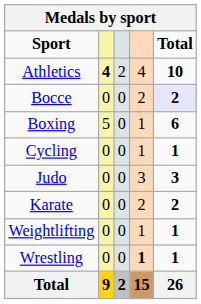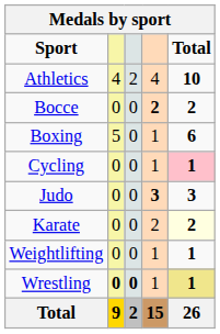 <table class="wikitable" style="font-size:85%; text-align:center;">
 <tr style="background:#efefef;">
 <th colspan=5><strong>Medals by sport</strong></th>
 </tr>
 <tr>
 <td><strong>Sport</strong></td>
 <td style="background:#f7f6a8;"></td>
 <td style="background:#dce5e5;"></td>
 <td style="background:#ffdab9;"></td>
 <td><strong>Total</strong></td>
 </tr>
 <tr>
 <td><a href='#'>Athletics</a></td>
-<td style="background:#F7F6A8;"><strong>4</strong></td>
+<td style="background:#F7F6A8;">4</td>
 <td style="background:#DCE5E5;">2</td>
 <td style="background:#FFDAB9;">4</td>
 <td><strong>10</strong></td>
 </tr>
 <tr>
 <td><a href='#'>Bocce</a></td>
 <td style="background:#F7F6A8;">0</td>
 <td style="background:#DCE5E5;">0</td>
-<td style="background:#FFDAB9;">2</td>
-<td style="background: lavender;"><strong>2</strong></td>
+<td style="background:#FFDAB9;"><strong>2</strong></td>
+<td><strong>2</strong></td>
 </tr>
 <tr>
 <td><a href='#'>Boxing</a></td>
 <td style="background:#F7F6A8;">5</td>
 <td style="background:#DCE5E5;">0</td>
 <td style="background:#FFDAB9;">1</td>
 <td><strong>6</strong></td>
 </tr>
 <tr>
 <td><a href='#'>Cycling</a></td>
 <td style="background:#F7F6A8;">0</td>
 <td style="background:#DCE5E5;">0</td>
 <td style="background:#FFDAB9;">1</td>
-<td><strong>1</strong></td>
+<td style="background: pink;"><strong>1</strong></td>
 </tr>
 <tr>
 <td><a href='#'>Judo</a></td>
 <td style="background:#F7F6A8;">0</td>
 <td style="background:#DCE5E5;">0</td>
-<td style="background:#FFDAB9;">3</td>
+<td style="background:#FFDAB9;"><strong>3</strong></td>
 <td><strong>3</strong></td>
 </tr>
 <tr>
 <td><a href='#'>Karate</a></td>
 <td style="background:#F7F6A8;">0</td>
 <td style="background:#DCE5E5;">0</td>
 <td style="background:#FFDAB9;">2</td>
-<td><strong>2</strong></td>
+<td style="background: lightyellow;"><strong>2</strong></td>
 </tr>
 <tr>
 <td><a href='#'>Weightlifting</a></td>
 <td style="background:#F7F6A8;">0</td>
 <td style="background:#DCE5E5;">0</td>
 <td style="background:#FFDAB9;">1</td>
 <td><strong>1</strong></td>
 </tr>
 <tr>
 <td><a href='#'>Wrestling</a></td>
-<td style="background:#F7F6A8;">0</td>
-<td style="background:#DCE5E5;">0</td>
-<td style="background:#FFDAB9;"><strong>1</strong></td>
-<td><strong>1</strong></td>
+<td style="background:#F7F6A8;"><strong>0</strong></td>
+<td style="background:#DCE5E5;"><strong>0</strong></td>
+<td style="background:#FFDAB9;">1</td>
+<td style="background: khaki;"><strong>1</strong></td>
 </tr>
 <tr>
 <th>Total</th>
 <th style="background:gold;">9</th>
 <th style="background:silver;">2</th>
 <th style="background:#c96;">15</th>
 <th>26</th>
 </tr>
 </table>
